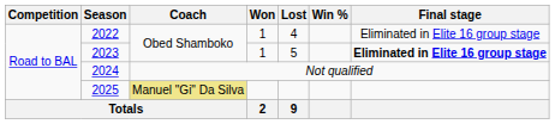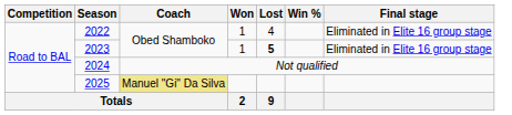 <table class="wikitable" style="font-size: 95%; text-align:center;">
 <tr>
 <th>Competition</th>
 <th>Season</th>
 <th>Coach</th>
 <th>Won</th>
 <th>Lost</th>
 <th>Win %</th>
 <th>Final stage</th>
 </tr>
 <tr>
 <td rowspan="4"><a href='#'>Road to BAL</a></td>
 <td><a href='#'>2022</a></td>
 <td rowspan="2">Obed Shamboko</td>
 <td>1</td>
 <td>4</td>
 <td></td>
 <td>Eliminated in <a href='#'>Elite 16 group stage</a></td>
 </tr>
 <tr>
 <td><a href='#'>2023</a></td>
 <td>1</td>
-<td>5</td>
+<td><strong>5</strong></td>
 <td></td>
-<td><strong>Eliminated in <a href='#'>Elite 16 group stage</a></strong></td>
+<td>Eliminated in <a href='#'>Elite 16 group stage</a></td>
 </tr>
 <tr>
 <td><a href='#'>2024</a></td>
 <td colspan="5"><em>Not qualified</em></td>
 </tr>
 <tr>
 <td><a href='#'>2025</a></td>
 <td style="background: khaki;">Manuel "Gi" Da Silva</td>
 <td></td>
 <td></td>
 <td></td>
 <td></td>
 </tr>
 <tr>
 <th colspan="3">Totals</th>
 <th>2</th>
 <th>9</th>
 <th></th>
 <th></th>
 </tr>
 </table>
